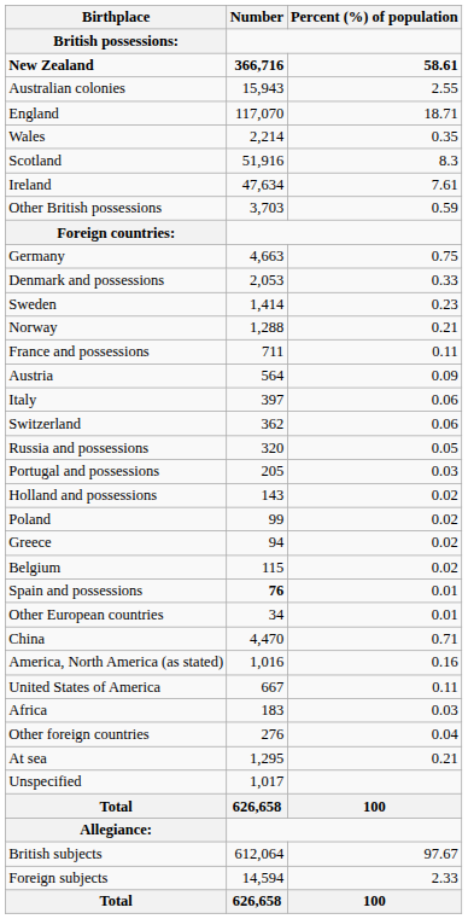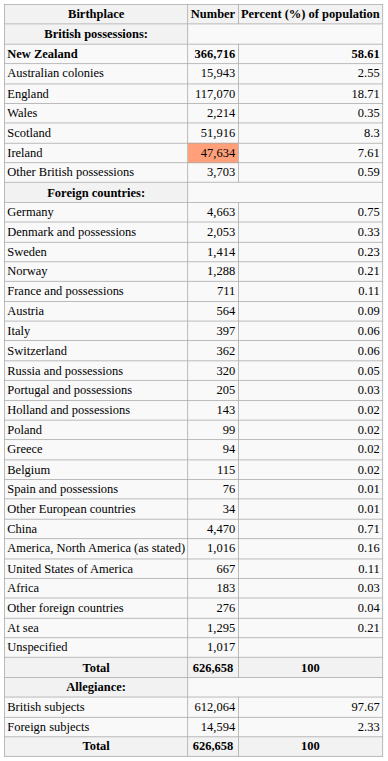 <table class="wikitable" style="text-align:right">
 <tr>
 <th>Birthplace</th>
 <th>Number</th>
 <th>Percent (%) of population</th>
 </tr>
 <tr>
 <th>British possessions:</th>
 </tr>
 <tr>
 <td align="left"><strong>New Zealand</strong></td>
 <td><strong>366,716</strong></td>
 <td><strong>58.61</strong></td>
 </tr>
 <tr>
 <td align="left">Australian colonies</td>
 <td>15,943</td>
 <td>2.55</td>
 </tr>
 <tr>
 <td align="left">England</td>
 <td>117,070</td>
 <td>18.71</td>
 </tr>
 <tr>
 <td align="left">Wales</td>
 <td>2,214</td>
 <td>0.35</td>
 </tr>
 <tr>
 <td align="left">Scotland</td>
 <td>51,916</td>
 <td>8.3</td>
 </tr>
 <tr>
 <td align="left">Ireland</td>
-<td>47,634</td>
+<td style="background: lightsalmon;">47,634</td>
 <td>7.61</td>
 </tr>
 <tr>
 <td align="left">Other British possessions</td>
 <td>3,703</td>
 <td>0.59</td>
 </tr>
 <tr>
 <th>Foreign countries:</th>
 </tr>
 <tr>
 <td align="left">Germany</td>
 <td>4,663</td>
 <td>0.75</td>
 </tr>
 <tr>
 <td align="left">Denmark and possessions</td>
 <td>2,053</td>
 <td>0.33</td>
 </tr>
 <tr>
 <td align="left">Sweden</td>
 <td>1,414</td>
 <td>0.23</td>
 </tr>
 <tr>
 <td align="left">Norway</td>
 <td>1,288</td>
 <td>0.21</td>
 </tr>
 <tr>
 <td align="left">France and possessions</td>
 <td>711</td>
 <td>0.11</td>
 </tr>
 <tr>
 <td align="left">Austria</td>
 <td>564</td>
 <td>0.09</td>
 </tr>
 <tr>
 <td align="left">Italy</td>
 <td>397</td>
 <td>0.06</td>
 </tr>
 <tr>
 <td align="left">Switzerland</td>
 <td>362</td>
 <td>0.06</td>
 </tr>
 <tr>
 <td align="left">Russia and possessions</td>
 <td>320</td>
 <td>0.05</td>
 </tr>
 <tr>
 <td align="left">Portugal and possessions</td>
 <td>205</td>
 <td>0.03</td>
 </tr>
 <tr>
 <td align="left">Holland and possessions</td>
 <td>143</td>
 <td>0.02</td>
 </tr>
 <tr>
 <td align="left">Poland</td>
 <td>99</td>
 <td>0.02</td>
 </tr>
 <tr>
 <td align="left">Greece</td>
 <td>94</td>
 <td>0.02</td>
 </tr>
 <tr>
 <td align="left">Belgium</td>
 <td>115</td>
 <td>0.02</td>
 </tr>
 <tr>
 <td align="left">Spain and possessions</td>
-<td><strong>76</strong></td>
+<td>76</td>
 <td>0.01</td>
 </tr>
 <tr>
 <td align="left">Other European countries</td>
 <td>34</td>
 <td>0.01</td>
 </tr>
 <tr>
 <td align="left">China</td>
 <td>4,470</td>
 <td>0.71</td>
 </tr>
 <tr>
 <td align="left">America, North America (as stated)</td>
 <td>1,016</td>
 <td>0.16</td>
 </tr>
 <tr>
 <td align="left">United States of America</td>
 <td>667</td>
 <td>0.11</td>
 </tr>
 <tr>
 <td align="left">Africa</td>
 <td>183</td>
 <td>0.03</td>
 </tr>
 <tr>
 <td align="left">Other foreign countries</td>
 <td>276</td>
 <td>0.04</td>
 </tr>
 <tr>
 <td align="left">At sea</td>
 <td>1,295</td>
 <td>0.21</td>
 </tr>
 <tr>
 <td align="left">Unspecified</td>
 <td>1,017</td>
 <td></td>
 </tr>
 <tr>
 <th>Total</th>
 <th>626,658</th>
 <th>100</th>
 </tr>
 <tr>
 <th>Allegiance:</th>
 </tr>
 <tr>
 <td align="left">British subjects</td>
 <td>612,064</td>
 <td>97.67</td>
 </tr>
 <tr>
 <td align="left">Foreign subjects</td>
 <td>14,594</td>
 <td>2.33</td>
 </tr>
 <tr>
 <th>Total</th>
 <th>626,658</th>
 <th>100</th>
 </tr>
 </table>
